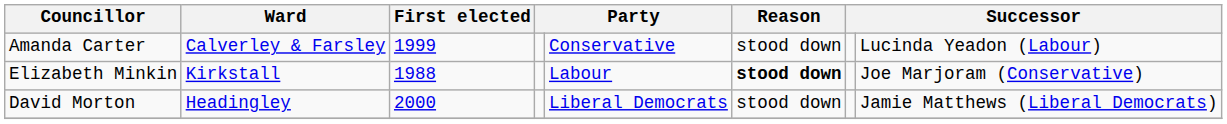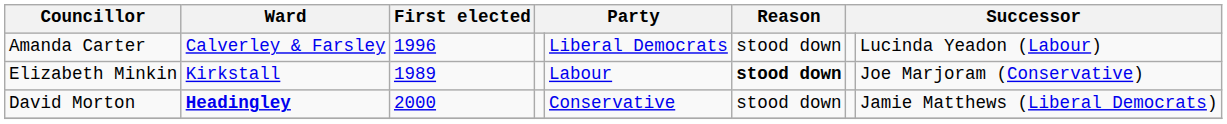 <table class="wikitable sortable" style="font-size:95%;">
 <tr>
 <th scope="col">Councillor</th>
 <th scope="col">Ward</th>
 <th scope="col">First elected</th>
 <th colspan="2" scope="col">Party</th>
 <th scope="col">Reason</th>
 <th colspan="2" scope="col">Successor</th>
 </tr>
 <tr>
 <td>Amanda Carter<br></td>
 <td><a href='#'>Calverley & Farsley</a></td>
-<td><a href='#'>1999</a></td>
+<td><a href='#'>1996</a></td>
 <td width="1" style="color:inherit;background:"></td>
-<td><a href='#'>Conservative</a></td>
+<td><a href='#'>Liberal Democrats</a></td>
 <td>stood down</td>
 <td width="1" style="color:inherit;background:"></td>
 <td>Lucinda Yeadon (<a href='#'>Labour</a>)</td>
 </tr>
 <tr>
 <td>Elizabeth Minkin</td>
 <td><a href='#'>Kirkstall</a></td>
-<td><a href='#'>1988</a></td>
+<td><a href='#'>1989</a></td>
 <td width="1" style="color:inherit;background:"></td>
 <td><a href='#'>Labour</a></td>
 <td><strong>stood down</strong></td>
 <td width="1" style="color:inherit;background:"></td>
 <td>Joe Marjoram (<a href='#'>Conservative</a>)</td>
 </tr>
 <tr>
 <td>David Morton</td>
-<td><a href='#'>Headingley</a></td>
+<td><strong><a href='#'>Headingley</a></strong></td>
 <td><a href='#'>2000</a></td>
 <td width="1" style="color:inherit;background:"></td>
-<td><a href='#'>Liberal Democrats</a></td>
+<td><a href='#'>Conservative</a></td>
 <td>stood down</td>
 <td width="1" style="color:inherit;background:"></td>
 <td>Jamie Matthews (<a href='#'>Liberal Democrats</a>)</td>
 </tr>
 <tr>
 </tr>
 </table>
